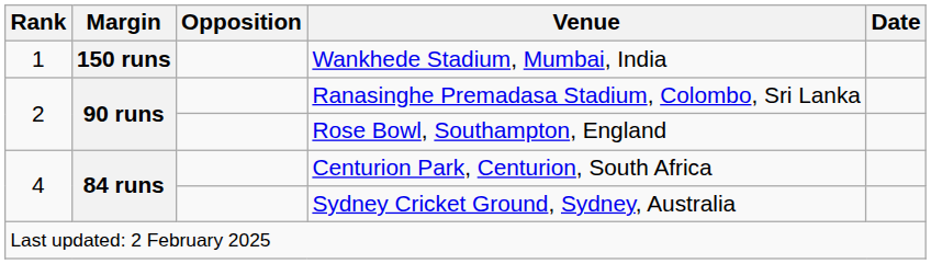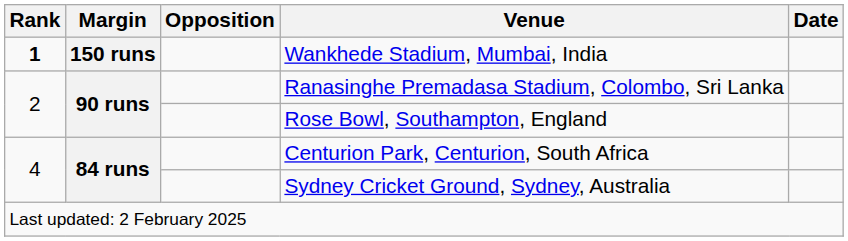 <table class="wikitable plainrowheaders">
 <tr>
 <th scope=col>Rank</th>
 <th scope=col>Margin</th>
 <th scope=col>Opposition</th>
 <th scope=col>Venue</th>
 <th scope=col>Date</th>
 </tr>
 <tr>
-<td align=center>1</td>
+<td align=center><strong>1</strong></td>
 <th scope=row style=text-align:center;>150 runs</th>
 <td></td>
 <td><a href='#'>Wankhede Stadium</a>, <a href='#'>Mumbai</a>, India</td>
 <td></td>
 </tr>
 <tr>
 <td align=center rowspan=2>2</td>
 <th scope=row style=text-align:center; rowspan=2>90 runs</th>
 <td></td>
 <td><a href='#'>Ranasinghe Premadasa Stadium</a>, <a href='#'>Colombo</a>, Sri Lanka</td>
 <td> </td>
 </tr>
 <tr>
 <td></td>
 <td><a href='#'>Rose Bowl</a>, <a href='#'>Southampton</a>, England</td>
 <td></td>
 </tr>
 <tr>
 <td align=center rowspan=2>4</td>
 <th scope=row style=text-align:center rowspan=2>84 runs</th>
 <td></td>
 <td><a href='#'>Centurion Park</a>, <a href='#'>Centurion</a>, South Africa</td>
 <td></td>
 </tr>
 <tr>
 <td></td>
 <td><a href='#'>Sydney Cricket Ground</a>, <a href='#'>Sydney</a>, Australia</td>
 <td></td>
 </tr>
 <tr>
 <td colspan=5><small>Last updated: 2 February 2025</small></td>
 </tr>
 </table>
